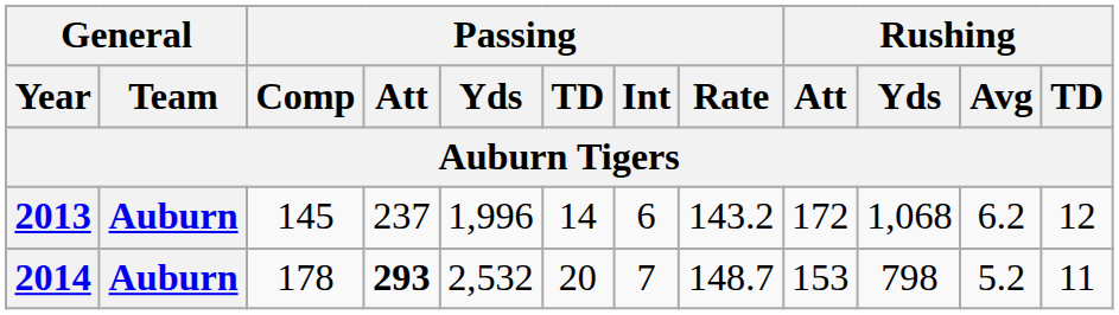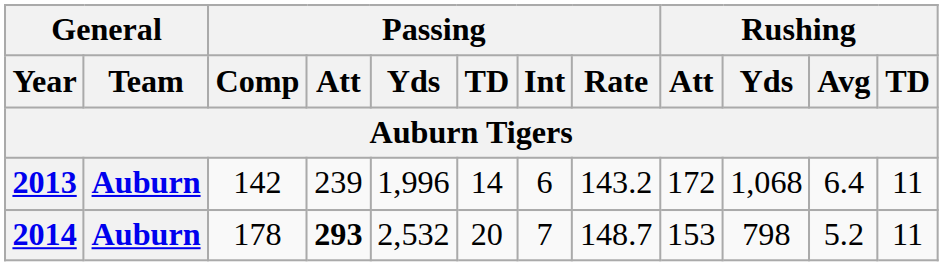 <table class="wikitable" style="text-align:center;">
 <tr>
 <th colspan="2">General</th>
 <th colspan="6">Passing</th>
 <th colspan="4">Rushing</th>
 </tr>
 <tr>
 <th>Year</th>
 <th>Team</th>
 <th>Comp</th>
 <th>Att</th>
 <th>Yds</th>
 <th>TD</th>
 <th>Int</th>
 <th>Rate</th>
 <th>Att</th>
 <th>Yds</th>
 <th>Avg</th>
 <th>TD</th>
 </tr>
 <tr>
 <th colspan="12">Auburn Tigers</th>
 </tr>
 <tr>
 <th><a href='#'>2013</a></th>
 <th><a href='#'>Auburn</a></th>
-<td>145</td>
-<td>237</td>
+<td>142</td>
+<td>239</td>
 <td>1,996</td>
 <td>14</td>
 <td>6</td>
 <td>143.2</td>
 <td>172</td>
 <td>1,068</td>
-<td>6.2</td>
-<td>12</td>
+<td>6.4</td>
+<td>11</td>
 </tr>
 <tr>
 <th><a href='#'>2014</a></th>
 <th><a href='#'>Auburn</a></th>
 <td>178</td>
 <td><strong>293</strong></td>
 <td>2,532</td>
 <td>20</td>
 <td>7</td>
 <td>148.7</td>
 <td>153</td>
 <td>798</td>
 <td>5.2</td>
 <td>11</td>
 </tr>
 </table>
